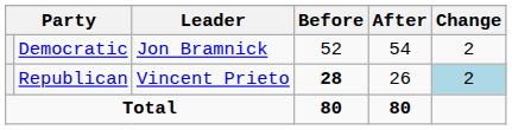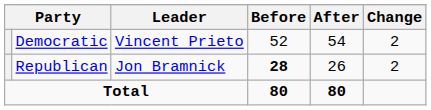 <table class="wikitable" style="text-align:center;">
 <tr>
 </tr>
 <tr>
 <th colspan=2>Party</th>
 <th>Leader</th>
 <th>Before</th>
 <th>After</th>
 <th>Change</th>
 </tr>
 <tr>
 <th style="background-color:"></th>
 <td style="text-align:left;"><a href='#'>Democratic</a></td>
-<td style="text-align:left;"><a href='#'>Jon Bramnick</a></td>
+<td style="text-align:left;"><a href='#'>Vincent Prieto</a></td>
 <td>52</td>
 <td>54</td>
 <td> 2</td>
 </tr>
 <tr>
 <th style="background-color:"></th>
 <td style="text-align:left;"><a href='#'>Republican</a></td>
-<td style="text-align:left;"><a href='#'>Vincent Prieto</a></td>
+<td style="text-align:left;"><a href='#'>Jon Bramnick</a></td>
 <td><strong>28</strong></td>
 <td>26</td>
-<td style="background: lightblue;"> 2</td>
+<td> 2</td>
 </tr>
 <tr>
 <td colspan=3><strong>Total</strong></td>
 <td><strong>80</strong></td>
 <td><strong>80</strong></td>
 </tr>
 </table>
